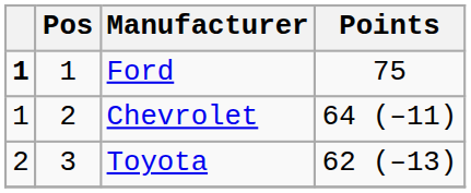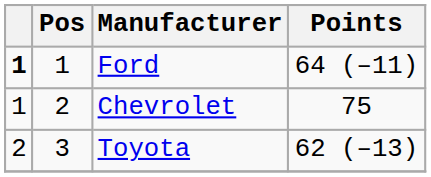 <table class="wikitable" style="font-size: 95%">
 <tr>
 <th></th>
 <th>Pos</th>
 <th>Manufacturer</th>
 <th>Points</th>
 </tr>
 <tr>
 <td align="left"><strong> 1</strong></td>
 <td style="text-align:center;">1</td>
 <td><a href='#'>Ford</a></td>
-<td style="text-align:center;">75</td>
+<td style="text-align:center;">64 (–11)</td>
 </tr>
 <tr>
 <td align="left"> 1</td>
 <td style="text-align:center;">2</td>
 <td><a href='#'>Chevrolet</a></td>
-<td style="text-align:center;">64 (–11)</td>
+<td style="text-align:center;">75</td>
 </tr>
 <tr>
 <td align="left"> 2</td>
 <td style="text-align:center;">3</td>
 <td><a href='#'>Toyota</a></td>
 <td style="text-align:center;">62 (–13)</td>
 </tr>
 <tr class="sortbottom">
 </tr>
 </table>
